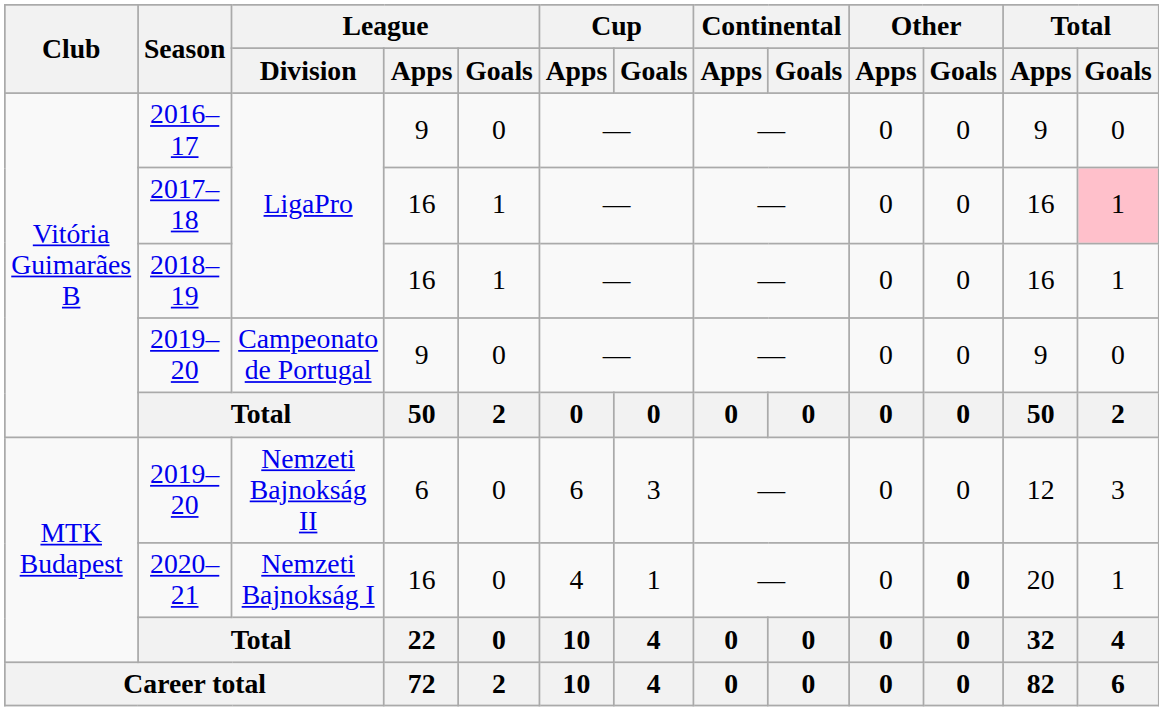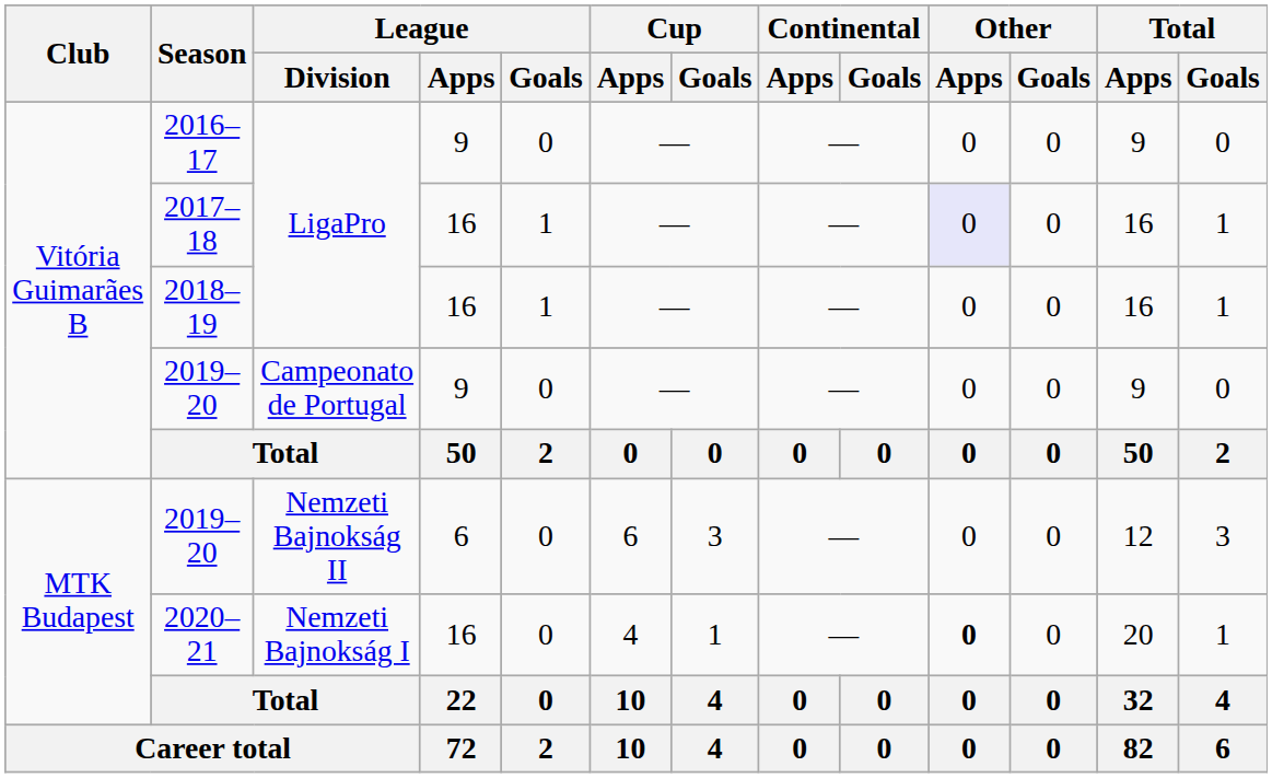 <table class="wikitable" style="text-align:center">
 <tr>
 <th rowspan="2">Club</th>
 <th rowspan="2">Season</th>
 <th colspan="3">League</th>
 <th colspan="2">Cup</th>
 <th colspan="2">Continental</th>
 <th colspan="2">Other</th>
 <th colspan="2">Total</th>
 </tr>
 <tr>
 <th>Division</th>
 <th>Apps</th>
 <th>Goals</th>
 <th>Apps</th>
 <th>Goals</th>
 <th>Apps</th>
 <th>Goals</th>
 <th>Apps</th>
 <th>Goals</th>
 <th>Apps</th>
 <th>Goals</th>
 </tr>
 <tr>
 <td rowspan="5"><a href='#'>Vitória Guimarães B</a></td>
 <td><a href='#'>2016–17</a></td>
 <td rowspan="3"><a href='#'>LigaPro</a></td>
 <td>9</td>
 <td>0</td>
 <td colspan="2">—</td>
 <td colspan="2">—</td>
 <td>0</td>
 <td>0</td>
 <td>9</td>
 <td>0</td>
 </tr>
 <tr>
 <td><a href='#'>2017–18</a></td>
 <td>16</td>
 <td>1</td>
 <td colspan="2">—</td>
 <td colspan="2">—</td>
-<td>0</td>
+<td style="background: lavender;">0</td>
 <td>0</td>
 <td>16</td>
-<td style="background: pink;">1</td>
+<td>1</td>
 </tr>
 <tr>
 <td><a href='#'>2018–19</a></td>
 <td>16</td>
 <td>1</td>
 <td colspan="2">—</td>
 <td colspan="2">—</td>
 <td>0</td>
 <td>0</td>
 <td>16</td>
 <td>1</td>
 </tr>
 <tr>
 <td><a href='#'>2019–20</a></td>
 <td rowspan="1"><a href='#'>Campeonato de Portugal</a></td>
 <td>9</td>
 <td>0</td>
 <td colspan="2">—</td>
 <td colspan="2">—</td>
 <td>0</td>
 <td>0</td>
 <td>9</td>
 <td>0</td>
 </tr>
 <tr>
 <th colspan="2">Total</th>
 <th>50</th>
 <th>2</th>
 <th>0</th>
 <th>0</th>
 <th>0</th>
 <th>0</th>
 <th>0</th>
 <th>0</th>
 <th>50</th>
 <th>2</th>
 </tr>
 <tr>
 <td rowspan="3"><a href='#'>MTK Budapest</a></td>
 <td><a href='#'>2019–20</a></td>
 <td rowspan="1"><a href='#'>Nemzeti Bajnokság II</a></td>
 <td>6</td>
 <td>0</td>
 <td>6</td>
 <td>3</td>
 <td colspan="2">—</td>
 <td>0</td>
 <td>0</td>
 <td>12</td>
 <td>3</td>
 </tr>
 <tr>
 <td><a href='#'>2020–21</a></td>
 <td rowspan="1"><a href='#'>Nemzeti Bajnokság I</a></td>
 <td>16</td>
 <td>0</td>
 <td>4</td>
 <td>1</td>
 <td colspan="2">—</td>
+<td><strong>0</strong></td>
 <td>0</td>
-<td><strong>0</strong></td>
 <td>20</td>
 <td>1</td>
 </tr>
 <tr>
 <th colspan="2">Total</th>
 <th>22</th>
 <th>0</th>
 <th>10</th>
 <th>4</th>
 <th>0</th>
 <th>0</th>
 <th>0</th>
 <th>0</th>
 <th>32</th>
 <th>4</th>
 </tr>
 <tr>
 <th colspan="3">Career total</th>
 <th>72</th>
 <th>2</th>
 <th>10</th>
 <th>4</th>
 <th>0</th>
 <th>0</th>
 <th>0</th>
 <th>0</th>
 <th>82</th>
 <th>6</th>
 </tr>
 </table>
